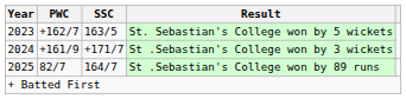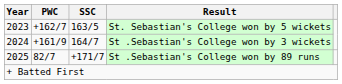 <table class="wikitable collapsible">
 <tr>
 <th>Year</th>
 <th>PWC</th>
 <th>SSC</th>
 <th>Result</th>
 <th></th>
 </tr>
 <tr>
 <td>2023</td>
 <td>+162/7</td>
 <td>163/5</td>
 <td style="background:#D2FFD2;">St. Sebastian's College won by 5 wickets</td>
 <td rowspan="2"></td>
 </tr>
 <tr>
 <td>2024</td>
 <td>+161/9</td>
-<td>+171/7</td>
+<td>164/7</td>
 <td style="background:#D2FFD2;">St .Sebastian's College won by 3 wickets</td>
 </tr>
 <tr>
 <td>2025</td>
 <td>82/7</td>
-<td>164/7</td>
+<td>+171/7</td>
 <td style="background:#D2FFD2;">St .Sebastian's College won by 89 runs</td>
 <td></td>
 </tr>
 <tr>
 <td colspan="5" style="text-align: left;">+ Batted First</td>
 </tr>
 </table>
